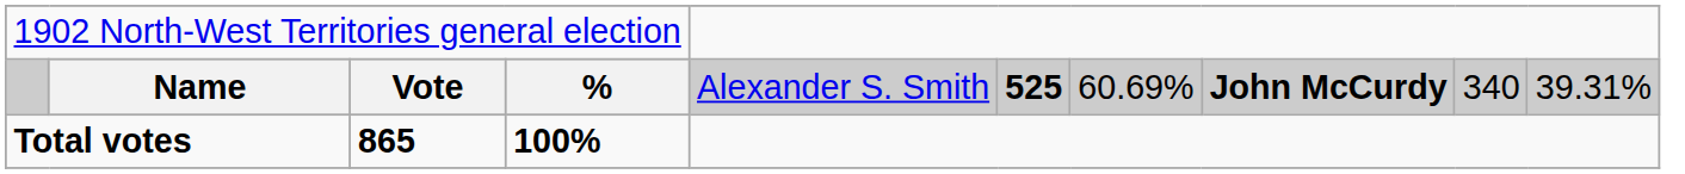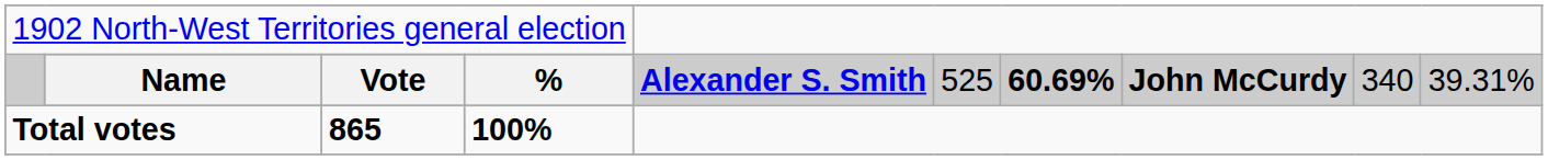 <table class="wikitable">
 <tr>
 <td colspan=4 align=center><a href='#'>1902 North-West Territories general election</a></td>
 </tr>
 <tr bgcolor="CCCCCC">
 <td></td>
 <th>Name</th>
 <th>Vote</th>
 <th>%<br></th>
-<td><a href='#'>Alexander S. Smith</a></td>
-<td><strong>525</strong></td>
-<td>60.69%<br></td>
+<td><strong><a href='#'>Alexander S. Smith</a></strong></td>
+<td>525</td>
+<td><strong>60.69%<br></strong></td>
 <td><strong>John McCurdy</strong></td>
 <td>340</td>
 <td>39.31%</td>
 </tr>
 <tr>
 <td colspan=2><strong>Total votes</strong></td>
 <td><strong>865</strong></td>
 <td alignment="left"><strong>100%</strong></td>
 </tr>
 </table>
